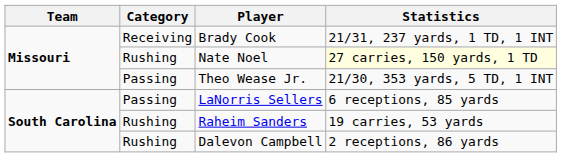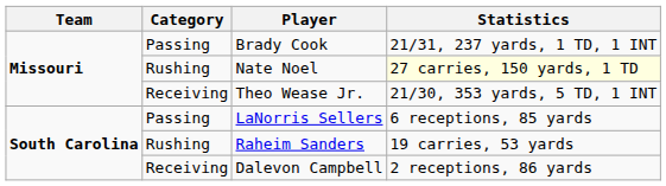 <table class="wikitable" style="float: right;">
 <tr>
 <th>Team</th>
 <th>Category</th>
 <th>Player</th>
 <th>Statistics</th>
 </tr>
 <tr>
 <td rowspan=3><strong>Missouri</strong></td>
-<td>Receiving</td>
+<td>Passing</td>
 <td>Brady Cook</td>
 <td>21/31, 237 yards, 1 TD, 1 INT</td>
 </tr>
 <tr>
 <td>Rushing</td>
 <td>Nate Noel</td>
 <td style="background: lightyellow;">27 carries, 150 yards, 1 TD</td>
 </tr>
 <tr>
-<td>Passing</td>
+<td>Receiving</td>
 <td>Theo Wease Jr.</td>
 <td>21/30, 353 yards, 5 TD, 1 INT</td>
 </tr>
 <tr>
 <td rowspan=3><strong>South Carolina</strong></td>
 <td>Passing</td>
 <td><a href='#'>LaNorris Sellers</a></td>
 <td>6 receptions, 85 yards</td>
 </tr>
 <tr>
 <td>Rushing</td>
 <td><a href='#'>Raheim Sanders</a></td>
 <td>19 carries, 53 yards</td>
 </tr>
 <tr>
-<td>Rushing</td>
+<td>Receiving</td>
 <td>Dalevon Campbell</td>
 <td>2 receptions, 86 yards</td>
 </tr>
 </table>
